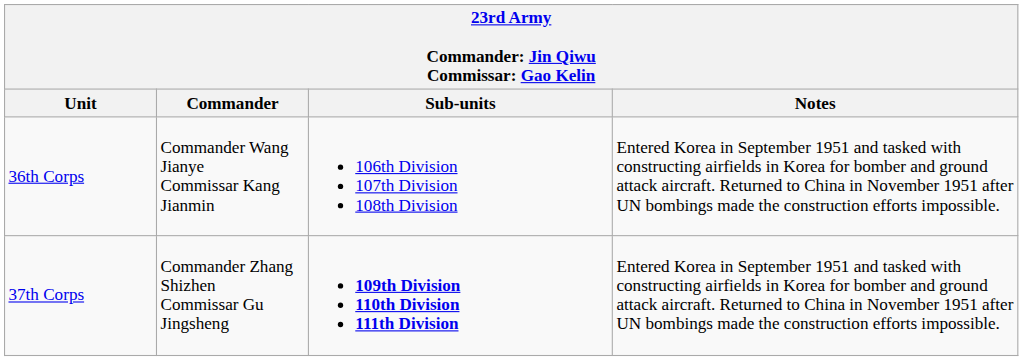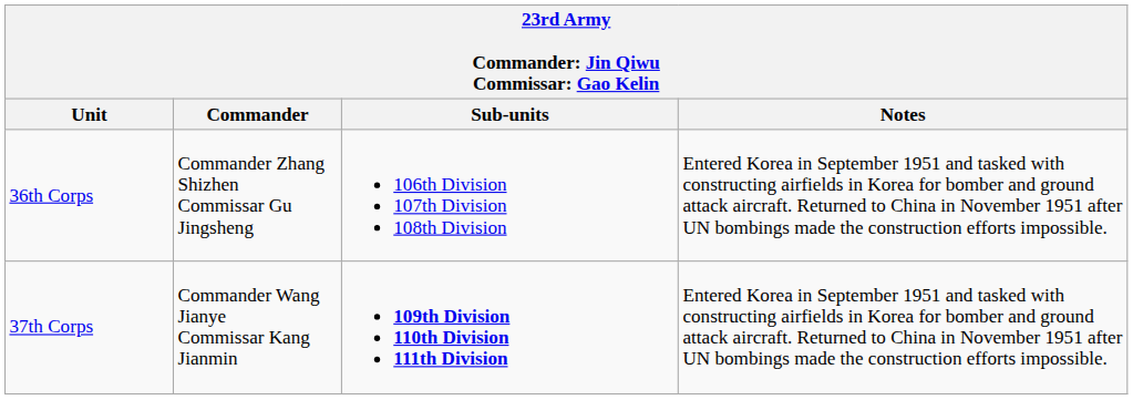 <table class="wikitable" style="width: 75%">
 <tr>
 <th colspan="4" align= center> <a href='#'>23rd Army</a><br><br>Commander: <a href='#'>Jin Qiwu</a><br> Commissar: <a href='#'>Gao Kelin</a><br></th>
 </tr>
 <tr>
 <th width=15%; align= center>Unit</th>
 <th width=15%; align= center>Commander</th>
 <th width=30%; align= center>Sub-units</th>
 <th width=40%; align= center>Notes</th>
 </tr>
 <tr>
 <td><a href='#'>36th Corps</a></td>
-<td>Commander Wang Jianye<br>Commissar Kang Jianmin</td>
+<td>Commander Zhang Shizhen<br>Commissar Gu Jingsheng</td>
 <td><br><ul><li><a href='#'>106th Division</a></li><li><a href='#'>107th Division</a></li><li><a href='#'>108th Division</a></li></ul></td>
 <td>Entered Korea in September 1951 and tasked with constructing airfields in Korea for bomber and ground attack aircraft. Returned to China in November 1951 after UN bombings made the construction efforts impossible.</td>
 </tr>
 <tr>
 <td><a href='#'>37th Corps</a></td>
-<td>Commander Zhang Shizhen<br>Commissar Gu Jingsheng</td>
+<td>Commander Wang Jianye<br>Commissar Kang Jianmin</td>
 <td><strong><br><ul><li><a href='#'>109th Division</a></li><li><a href='#'>110th Division</a></li><li><a href='#'>111th Division</a></li></ul></strong></td>
 <td>Entered Korea in September 1951 and tasked with constructing airfields in Korea for bomber and ground attack aircraft. Returned to China in November 1951 after UN bombings made the construction efforts impossible.</td>
 </tr>
 </table>
